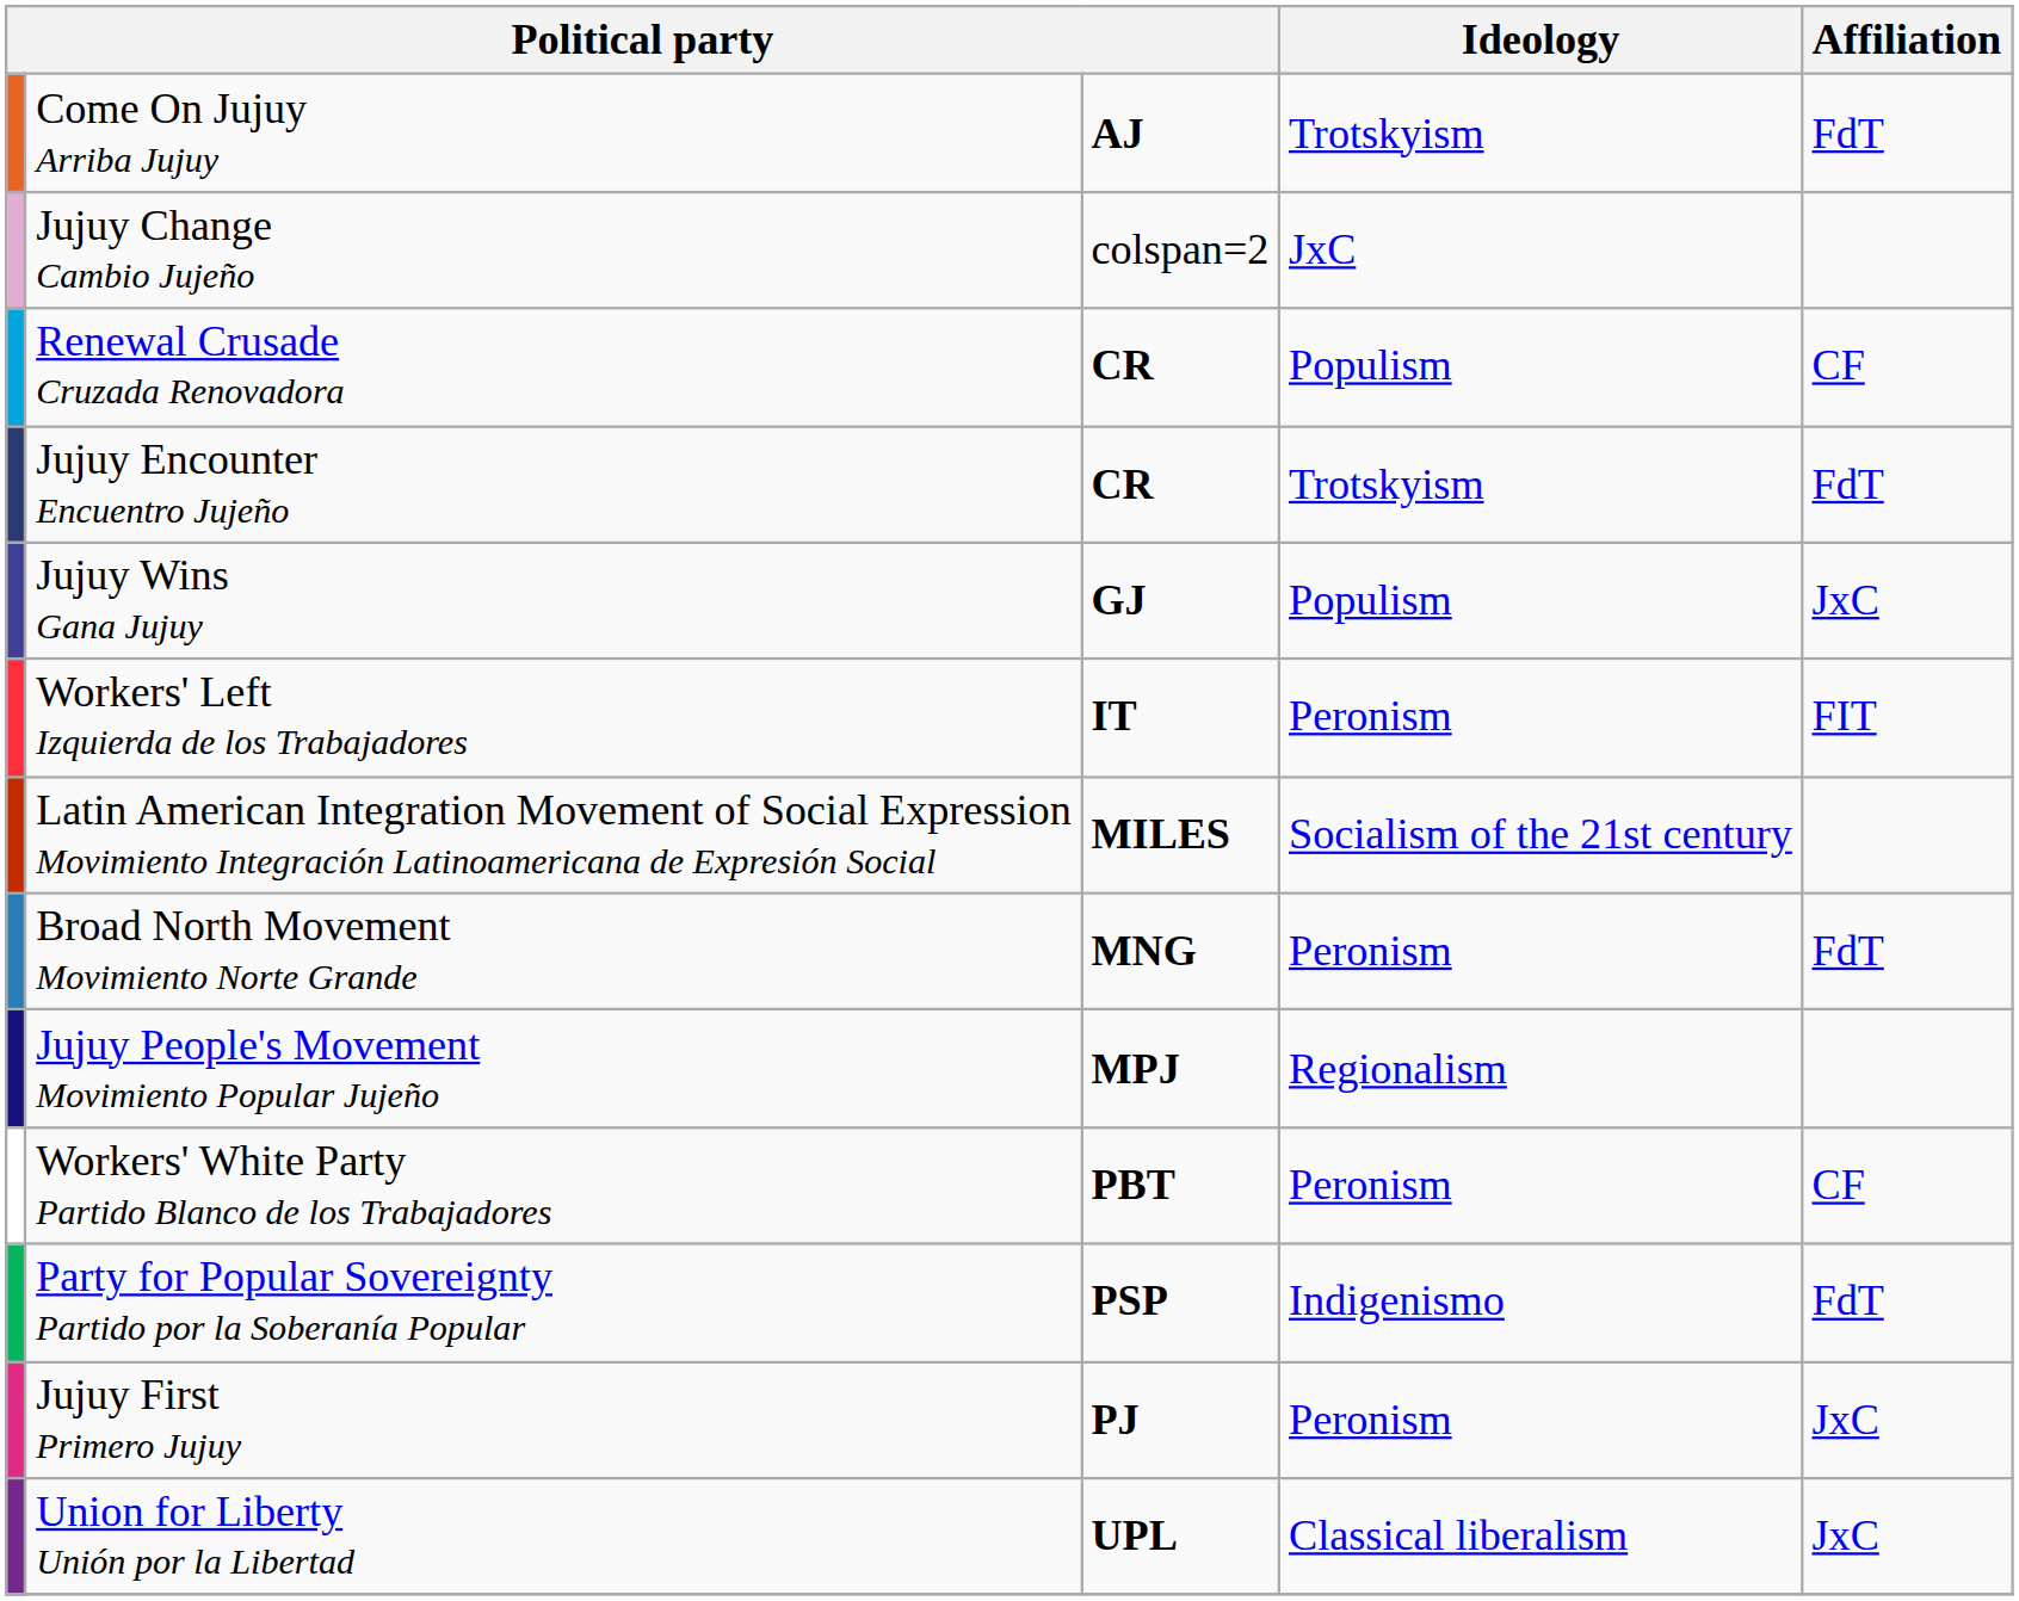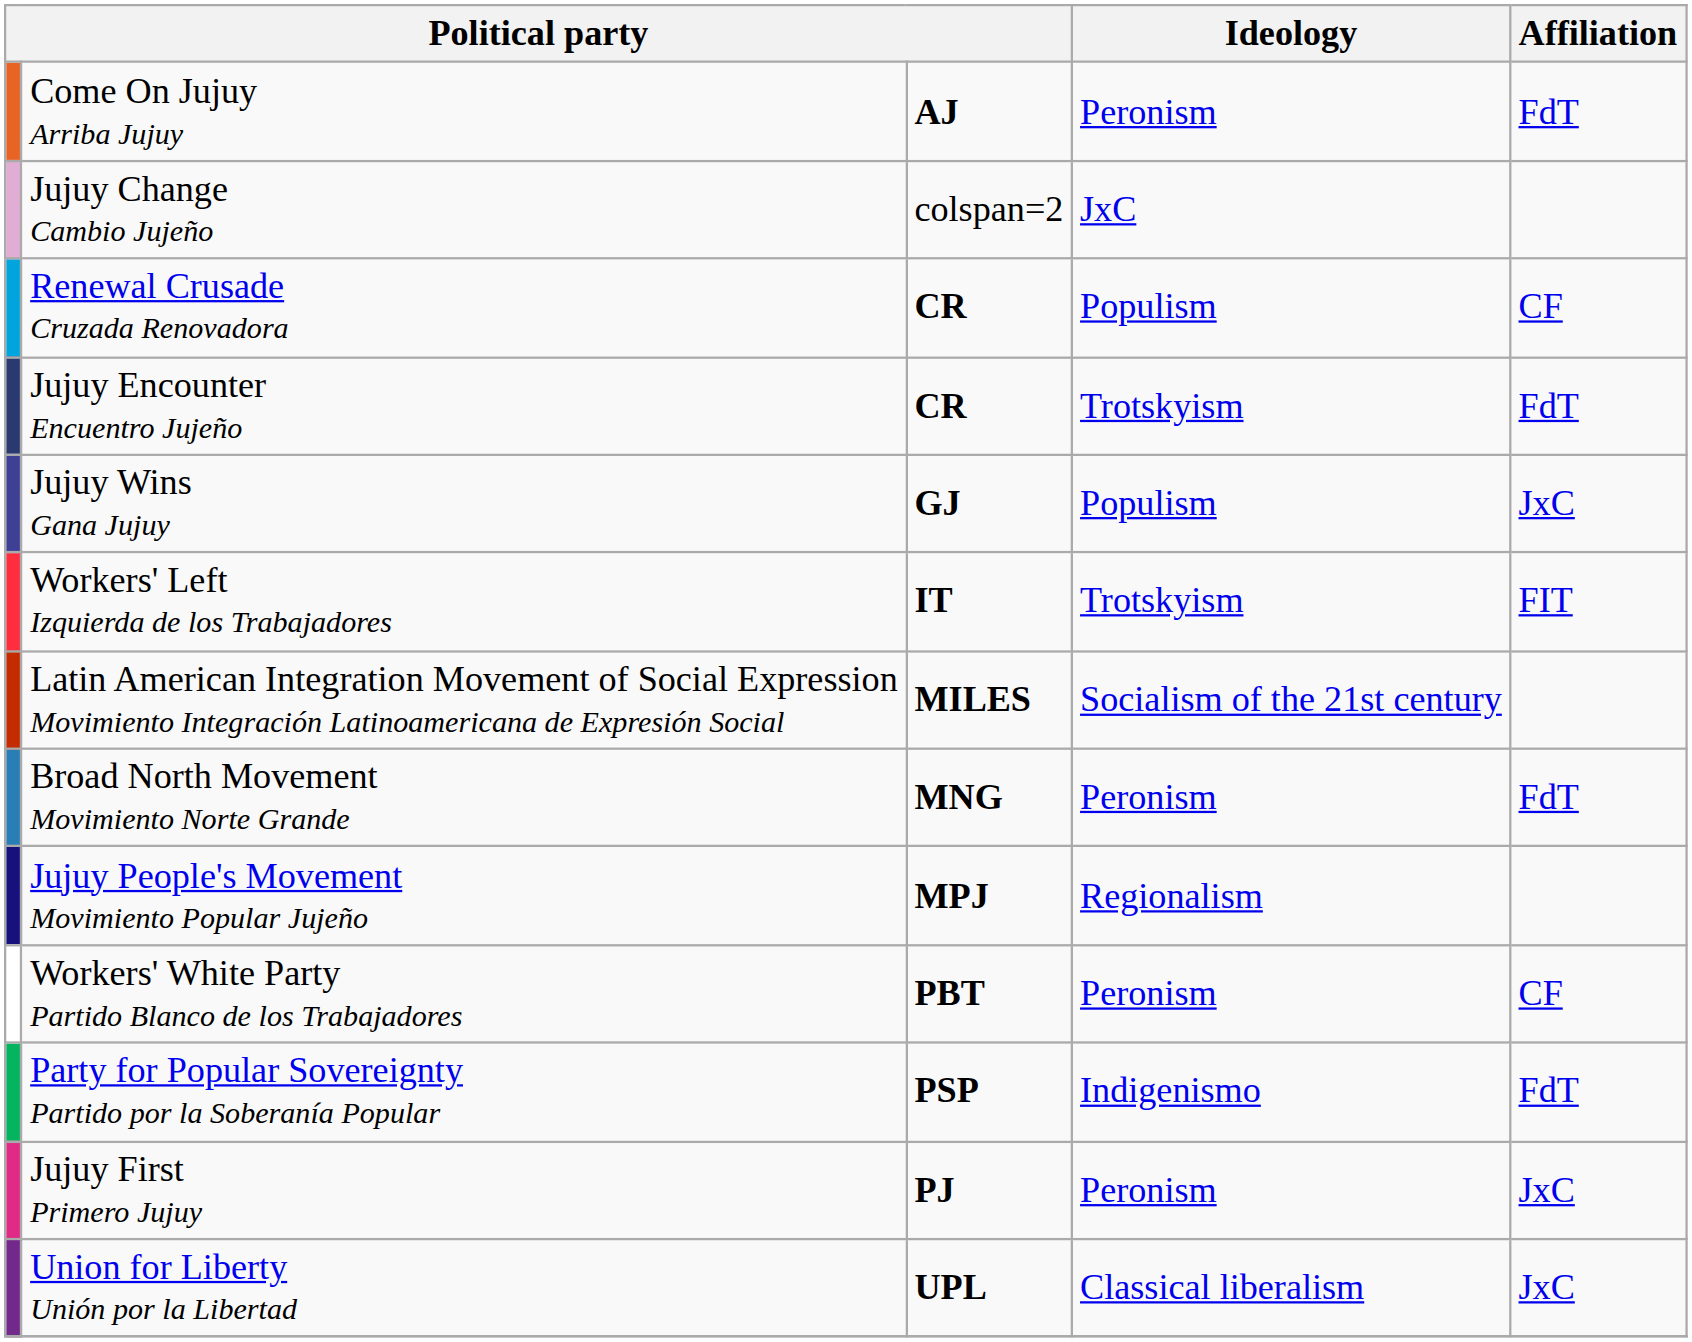 <table class="wikitable">
 <tr>
 <th colspan=3>Political party</th>
 <th>Ideology</th>
 <th>Affiliation</th>
 </tr>
 <tr>
 <th style="background:#e86425;"></th>
 <td>Come On Jujuy<br><small><em>Arriba Jujuy</em></small></td>
 <td><strong>AJ</strong></td>
-<td><a href='#'>Trotskyism</a></td>
+<td><a href='#'>Peronism</a></td>
 <td><a href='#'>FdT</a></td>
 </tr>
 <tr>
 <th style="background:#e1add4;"></th>
 <td>Jujuy Change<br><small><em>Cambio Jujeño</em></small></td>
 <td>colspan=2 </td>
 <td><a href='#'>JxC</a></td>
 </tr>
 <tr>
 <th style="background:#00a5de;"></th>
 <td><a href='#'>Renewal Crusade</a><br><small><em>Cruzada Renovadora</em></small></td>
 <td><strong>CR</strong></td>
 <td><a href='#'>Populism</a></td>
 <td><a href='#'>CF</a></td>
 </tr>
 <tr>
 <th style="background:#2a3970;"></th>
 <td>Jujuy Encounter<br><small><em>Encuentro Jujeño</em></small></td>
 <td><strong>CR</strong></td>
 <td><a href='#'>Trotskyism</a></td>
 <td><a href='#'>FdT</a></td>
 </tr>
 <tr>
 <th style="background:#3e4095;"></th>
 <td>Jujuy Wins<br><small><em>Gana Jujuy</em></small></td>
 <td><strong>GJ</strong></td>
 <td><a href='#'>Populism</a></td>
 <td><a href='#'>JxC</a></td>
 </tr>
 <tr>
 <th style="background:#ff2d3d;"></th>
 <td>Workers' Left<br><small><em>Izquierda de los Trabajadores</em></small></td>
 <td><strong>IT</strong></td>
-<td><a href='#'>Peronism</a></td>
+<td><a href='#'>Trotskyism</a></td>
 <td><a href='#'>FIT</a></td>
 </tr>
 <tr>
 <th style="background:#c42c00;"></th>
 <td>Latin American Integration Movement of Social Expression<br><small><em>Movimiento Integración Latinoamericana de Expresión Social</em></small></td>
 <td><strong>MILES</strong></td>
 <td><a href='#'>Socialism of the 21st century</a></td>
 <td></td>
 </tr>
 <tr>
 <th style="background:#2a7eb6;"></th>
 <td>Broad North Movement<br><small><em>Movimiento Norte Grande</em></small></td>
 <td><strong>MNG</strong></td>
 <td><a href='#'>Peronism</a></td>
 <td><a href='#'>FdT</a></td>
 </tr>
 <tr>
 <th style="background:#17117d;"></th>
 <td><a href='#'>Jujuy People's Movement</a><br><small><em>Movimiento Popular Jujeño</em></small></td>
 <td><strong>MPJ</strong></td>
 <td><a href='#'>Regionalism</a></td>
 <td></td>
 </tr>
 <tr>
 <th style="background:#FFFFFF;"></th>
 <td>Workers' White Party<br><small><em>Partido Blanco de los Trabajadores</em></small></td>
 <td><strong>PBT</strong></td>
 <td><a href='#'>Peronism</a></td>
 <td><a href='#'>CF</a></td>
 </tr>
 <tr>
 <th style="background:#04B45F;"></th>
 <td><a href='#'>Party for Popular Sovereignty</a><br><small><em>Partido por la Soberanía Popular</em></small></td>
 <td><strong>PSP</strong></td>
 <td><a href='#'>Indigenismo</a></td>
 <td><a href='#'>FdT</a></td>
 </tr>
 <tr>
 <th style="background:#e12a86;"></th>
 <td>Jujuy First<br><small><em>Primero Jujuy</em></small></td>
 <td><strong>PJ</strong></td>
 <td><a href='#'>Peronism</a></td>
 <td><a href='#'>JxC</a></td>
 </tr>
 <tr>
 <th style="background:#73288b;"></th>
 <td><a href='#'>Union for Liberty</a><br><small><em>Unión por la Libertad</em></small></td>
 <td><strong>UPL</strong></td>
 <td><a href='#'>Classical liberalism</a></td>
 <td><a href='#'>JxC</a></td>
 </tr>
 <tr>
 </tr>
 </table>
